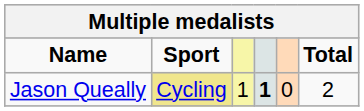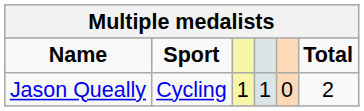 <table class="wikitable" style="font-size:85%;;">
 <tr style="background:#efefef;">
 <th colspan=7><strong>Multiple medalists</strong></th>
 </tr>
 <tr align=center>
 <td><strong>Name</strong></td>
 <td><strong>Sport</strong></td>
 <td style="background:#f7f6a8;"></td>
 <td style="background:#dce5e5;"></td>
 <td style="background:#ffdab9;"></td>
 <td><strong>Total</strong></td>
 </tr>
 <tr align=center>
 <td><a href='#'>Jason Queally</a></td>
-<td style="background: khaki;"><a href='#'>Cycling</a></td>
+<td><a href='#'>Cycling</a></td>
 <td style="background:#f7f6a8;">1</td>
-<td style="background:#dce5e5;"><strong>1</strong></td>
+<td style="background:#dce5e5;">1</td>
 <td style="background:#ffdab9;">0</td>
 <td>2</td>
 </tr>
 </table>
